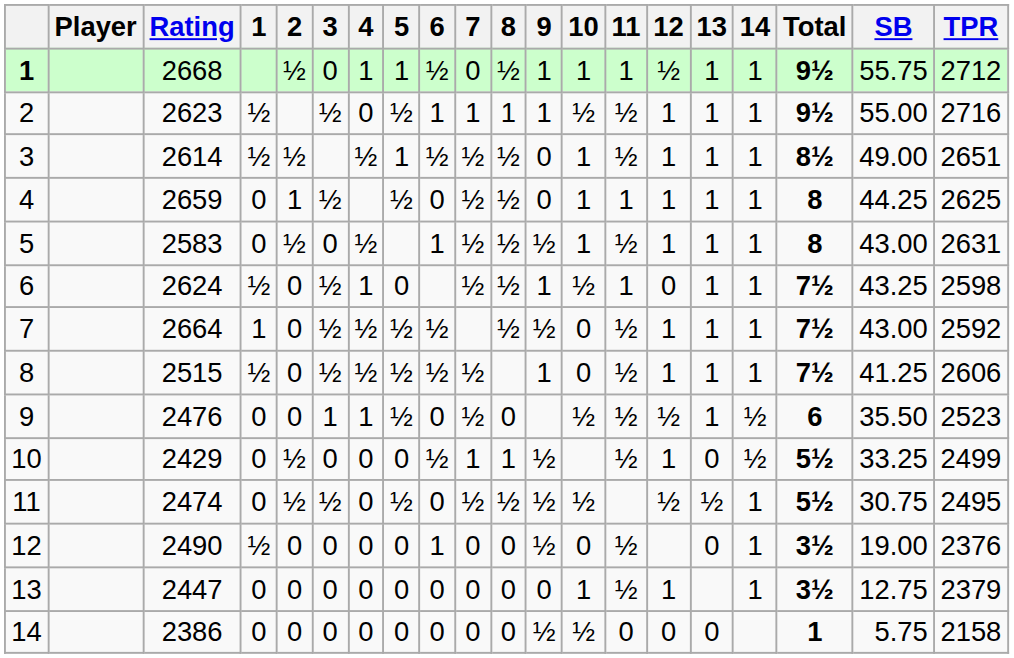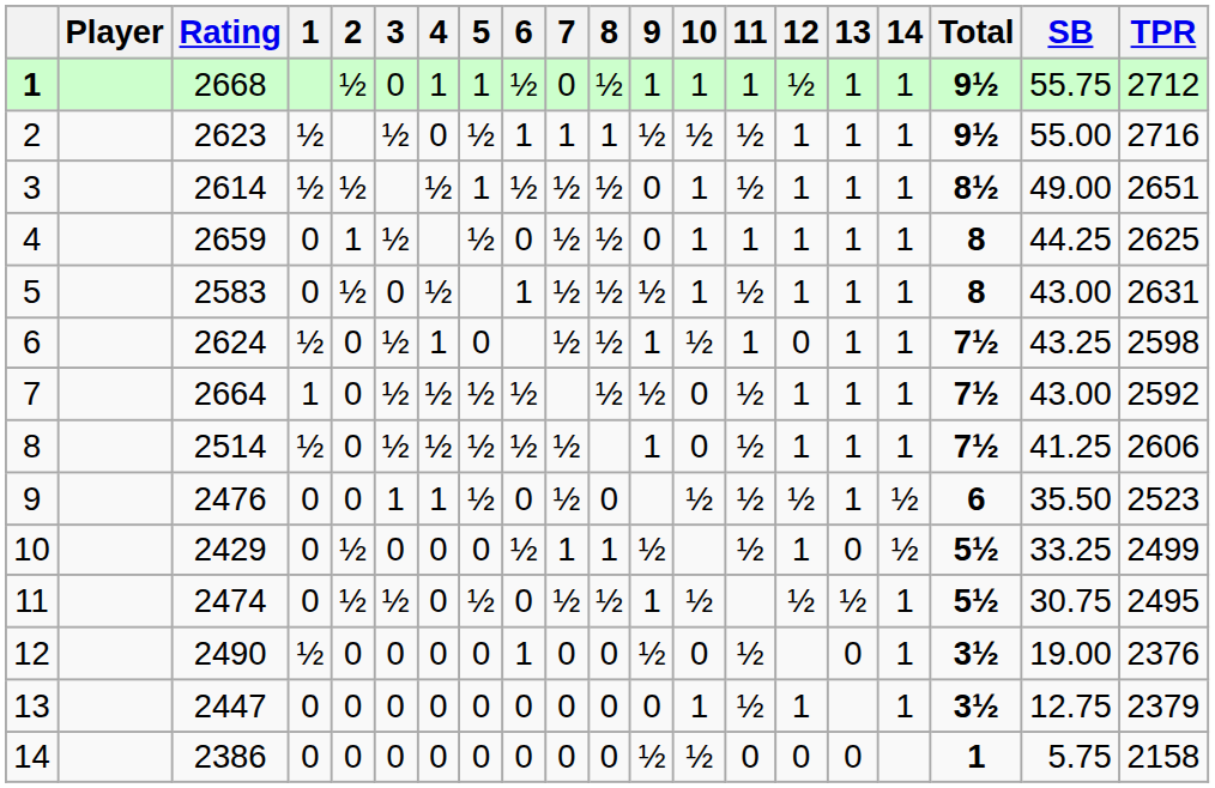 <table class="wikitable" style="font-size: 90%; text-align: center;">
 <tr>
 <th></th>
 <th>Player</th>
 <th><a href='#'>Rating</a></th>
 <th>1</th>
 <th>2</th>
 <th>3</th>
 <th>4</th>
 <th>5</th>
 <th>6</th>
 <th>7</th>
 <th>8</th>
 <th>9</th>
 <th>10</th>
 <th>11</th>
 <th>12</th>
 <th>13</th>
 <th>14</th>
 <th>Total</th>
 <th><a href='#'>SB</a></th>
 <th><a href='#'>TPR</a></th>
 </tr>
 <tr style="background:#ccffcc">
 <td><strong>1</strong></td>
 <td align="left"><strong></strong></td>
 <td>2668</td>
 <td></td>
 <td>½</td>
 <td>0</td>
 <td>1</td>
 <td>1</td>
 <td>½</td>
 <td>0</td>
 <td>½</td>
 <td>1</td>
 <td>1</td>
 <td>1</td>
 <td>½</td>
 <td>1</td>
 <td>1</td>
 <td><strong>9½</strong></td>
 <td align="right">55.75</td>
 <td>2712</td>
 </tr>
 <tr>
 <td>2</td>
 <td align="left"></td>
 <td>2623</td>
 <td>½</td>
 <td></td>
 <td>½</td>
 <td>0</td>
 <td>½</td>
 <td>1</td>
 <td>1</td>
 <td>1</td>
-<td>1</td>
+<td>½</td>
 <td>½</td>
 <td>½</td>
 <td>1</td>
 <td>1</td>
 <td>1</td>
 <td><strong>9½</strong></td>
 <td align="right">55.00</td>
 <td>2716</td>
 </tr>
 <tr>
 <td>3</td>
 <td align="left"></td>
 <td>2614</td>
 <td>½</td>
 <td>½</td>
 <td></td>
 <td>½</td>
 <td>1</td>
 <td>½</td>
 <td>½</td>
 <td>½</td>
 <td>0</td>
 <td>1</td>
 <td>½</td>
 <td>1</td>
 <td>1</td>
 <td>1</td>
 <td><strong>8½</strong></td>
 <td align="right">49.00</td>
 <td>2651</td>
 </tr>
 <tr>
 <td>4</td>
 <td align="left"></td>
 <td>2659</td>
 <td>0</td>
 <td>1</td>
 <td>½</td>
 <td></td>
 <td>½</td>
 <td>0</td>
 <td>½</td>
 <td>½</td>
 <td>0</td>
 <td>1</td>
 <td>1</td>
 <td>1</td>
 <td>1</td>
 <td>1</td>
 <td><strong>8</strong></td>
 <td align="right">44.25</td>
 <td>2625</td>
 </tr>
 <tr>
 <td>5</td>
 <td align="left"></td>
 <td>2583</td>
 <td>0</td>
 <td>½</td>
 <td>0</td>
 <td>½</td>
 <td></td>
 <td>1</td>
 <td>½</td>
 <td>½</td>
 <td>½</td>
 <td>1</td>
 <td>½</td>
 <td>1</td>
 <td>1</td>
 <td>1</td>
 <td><strong>8</strong></td>
 <td align="right">43.00</td>
 <td>2631</td>
 </tr>
 <tr>
 <td>6</td>
 <td align="left"></td>
 <td>2624</td>
 <td>½</td>
 <td>0</td>
 <td>½</td>
 <td>1</td>
 <td>0</td>
 <td></td>
 <td>½</td>
 <td>½</td>
 <td>1</td>
 <td>½</td>
 <td>1</td>
 <td>0</td>
 <td>1</td>
 <td>1</td>
 <td><strong>7½</strong></td>
 <td align="right">43.25</td>
 <td>2598</td>
 </tr>
 <tr>
 <td>7</td>
 <td align="left"></td>
 <td>2664</td>
 <td>1</td>
 <td>0</td>
 <td>½</td>
 <td>½</td>
 <td>½</td>
 <td>½</td>
 <td></td>
 <td>½</td>
 <td>½</td>
 <td>0</td>
 <td>½</td>
 <td>1</td>
 <td>1</td>
 <td>1</td>
 <td><strong>7½</strong></td>
 <td align="right">43.00</td>
 <td>2592</td>
 </tr>
 <tr>
 <td>8</td>
 <td align="left"></td>
-<td>2515</td>
+<td>2514</td>
 <td>½</td>
 <td>0</td>
 <td>½</td>
 <td>½</td>
 <td>½</td>
 <td>½</td>
 <td>½</td>
 <td></td>
 <td>1</td>
 <td>0</td>
 <td>½</td>
 <td>1</td>
 <td>1</td>
 <td>1</td>
 <td><strong>7½</strong></td>
 <td align="right">41.25</td>
 <td>2606</td>
 </tr>
 <tr>
 <td>9</td>
 <td align="left"></td>
 <td>2476</td>
 <td>0</td>
 <td>0</td>
 <td>1</td>
 <td>1</td>
 <td>½</td>
 <td>0</td>
 <td>½</td>
 <td>0</td>
 <td></td>
 <td>½</td>
 <td>½</td>
 <td>½</td>
 <td>1</td>
 <td>½</td>
 <td><strong>6</strong></td>
 <td align="right">35.50</td>
 <td>2523</td>
 </tr>
 <tr>
 <td>10</td>
 <td align="left"></td>
 <td>2429</td>
 <td>0</td>
 <td>½</td>
 <td>0</td>
 <td>0</td>
 <td>0</td>
 <td>½</td>
 <td>1</td>
 <td>1</td>
 <td>½</td>
 <td></td>
 <td>½</td>
 <td>1</td>
 <td>0</td>
 <td>½</td>
 <td><strong>5½</strong></td>
 <td align="right">33.25</td>
 <td>2499</td>
 </tr>
 <tr>
 <td>11</td>
 <td align="left"></td>
 <td>2474</td>
 <td>0</td>
 <td>½</td>
 <td>½</td>
 <td>0</td>
 <td>½</td>
 <td>0</td>
 <td>½</td>
 <td>½</td>
-<td>½</td>
+<td>1</td>
 <td>½</td>
 <td></td>
 <td>½</td>
 <td>½</td>
 <td>1</td>
 <td><strong>5½</strong></td>
 <td align="right">30.75</td>
 <td>2495</td>
 </tr>
 <tr>
 <td>12</td>
 <td align="left"></td>
 <td>2490</td>
 <td>½</td>
 <td>0</td>
 <td>0</td>
 <td>0</td>
 <td>0</td>
 <td>1</td>
 <td>0</td>
 <td>0</td>
 <td>½</td>
 <td>0</td>
 <td>½</td>
 <td></td>
 <td>0</td>
 <td>1</td>
 <td><strong>3½</strong></td>
 <td align="right">19.00</td>
 <td>2376</td>
 </tr>
 <tr>
 <td>13</td>
 <td align="left"></td>
 <td>2447</td>
 <td>0</td>
 <td>0</td>
 <td>0</td>
 <td>0</td>
 <td>0</td>
 <td>0</td>
 <td>0</td>
 <td>0</td>
 <td>0</td>
 <td>1</td>
 <td>½</td>
 <td>1</td>
 <td></td>
 <td>1</td>
 <td><strong>3½</strong></td>
 <td align="right">12.75</td>
 <td>2379</td>
 </tr>
 <tr>
 <td>14</td>
 <td align="left"></td>
 <td>2386</td>
 <td>0</td>
 <td>0</td>
 <td>0</td>
 <td>0</td>
 <td>0</td>
 <td>0</td>
 <td>0</td>
 <td>0</td>
 <td>½</td>
 <td>½</td>
 <td>0</td>
 <td>0</td>
 <td>0</td>
 <td></td>
 <td><strong>1</strong></td>
 <td align="right">5.75</td>
 <td>2158</td>
 </tr>
 </table>
